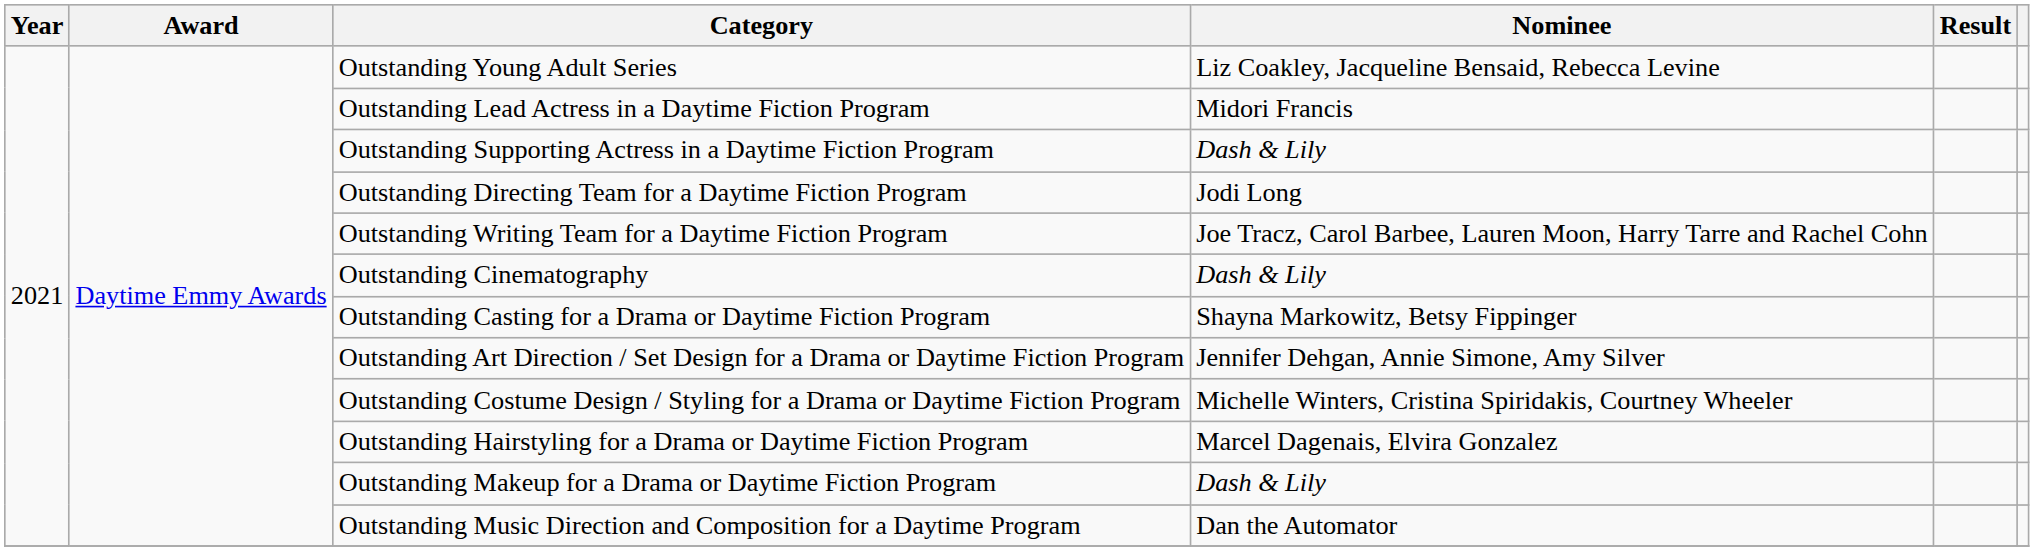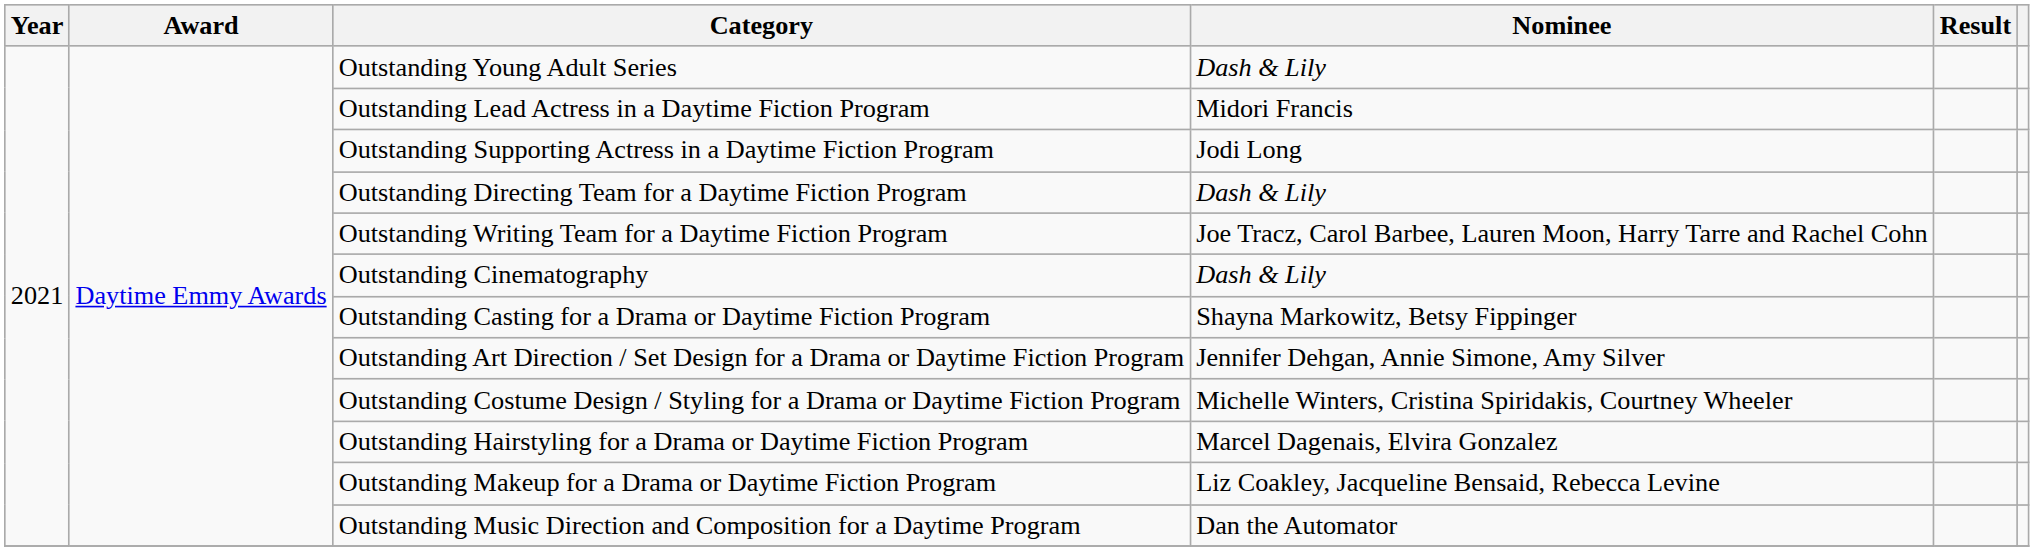 <table class="wikitable sortable">
 <tr>
 <th>Year</th>
 <th>Award</th>
 <th>Category</th>
 <th>Nominee</th>
 <th>Result</th>
 <th></th>
 </tr>
 <tr>
 <td rowspan="12">2021</td>
 <td rowspan="12"><a href='#'>Daytime Emmy Awards</a></td>
 <td>Outstanding Young Adult Series</td>
-<td>Liz Coakley, Jacqueline Bensaid, Rebecca Levine</td>
+<td><em>Dash & Lily</em></td>
 <td></td>
 <td></td>
 </tr>
 <tr>
 <td>Outstanding Lead Actress in a Daytime Fiction Program</td>
 <td>Midori Francis</td>
 <td></td>
 <td></td>
 </tr>
 <tr>
 <td>Outstanding Supporting Actress in a Daytime Fiction Program</td>
-<td><em>Dash & Lily</em></td>
+<td>Jodi Long</td>
 <td></td>
 <td></td>
 </tr>
 <tr>
 <td>Outstanding Directing Team for a Daytime Fiction Program</td>
-<td>Jodi Long</td>
+<td><em>Dash & Lily</em></td>
 <td></td>
 <td></td>
 </tr>
 <tr>
 <td>Outstanding Writing Team for a Daytime Fiction Program</td>
 <td>Joe Tracz, Carol Barbee, Lauren Moon, Harry Tarre and Rachel Cohn</td>
 <td></td>
 <td></td>
 </tr>
 <tr>
 <td>Outstanding Cinematography</td>
 <td><em>Dash & Lily</em></td>
 <td></td>
 <td></td>
 </tr>
 <tr>
 <td>Outstanding Casting for a Drama or Daytime Fiction Program</td>
 <td>Shayna Markowitz, Betsy Fippinger</td>
 <td></td>
 <td></td>
 </tr>
 <tr>
 <td>Outstanding Art Direction / Set Design for a Drama or Daytime Fiction Program</td>
 <td>Jennifer Dehgan, Annie Simone, Amy Silver</td>
 <td></td>
 <td></td>
 </tr>
 <tr>
 <td>Outstanding Costume Design / Styling for a Drama or Daytime Fiction Program</td>
 <td>Michelle Winters, Cristina Spiridakis, Courtney Wheeler</td>
 <td></td>
 <td></td>
 </tr>
 <tr>
 <td>Outstanding Hairstyling for a Drama or Daytime Fiction Program</td>
 <td>Marcel Dagenais, Elvira Gonzalez</td>
 <td></td>
 <td></td>
 </tr>
 <tr>
 <td>Outstanding Makeup for a Drama or Daytime Fiction Program</td>
-<td><em>Dash & Lily</em></td>
+<td>Liz Coakley, Jacqueline Bensaid, Rebecca Levine</td>
 <td></td>
 <td></td>
 </tr>
 <tr>
 <td>Outstanding Music Direction and Composition for a Daytime Program</td>
 <td>Dan the Automator</td>
 <td></td>
 <td></td>
 </tr>
 <tr>
 </tr>
 </table>
